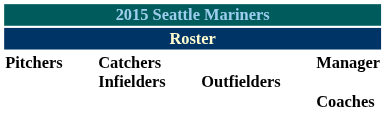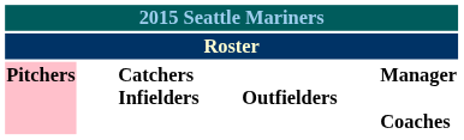 <table class="toccolours" style="font-size: 95%;">
 <tr>
 <th colspan="10" style="background:#005c5c; color:#9eceee; text-align:center;">2015 Seattle Mariners</th>
 </tr>
 <tr>
 <td colspan="10" style="background:#036; color:#fffdd0; text-align:center;"><strong>Roster</strong></td>
 </tr>
 <tr>
-<td valign="top"><strong>Pitchers</strong><br>                          </td>
+<td valign="top" style="background: pink;"><strong>Pitchers</strong><br>                          </td>
 <td style="width:25px;"></td>
 <td valign="top"><strong>Catchers</strong><br>     <strong>Infielders</strong>          </td>
 <td style="width:25px;"></td>
 <td valign="top"><br><strong>Outfielders</strong>         </td>
 <td style="width:25px;"></td>
 <td valign="top"><strong>Manager</strong><br><br><strong>Coaches</strong>                  </td>
 </tr>
 </table>
